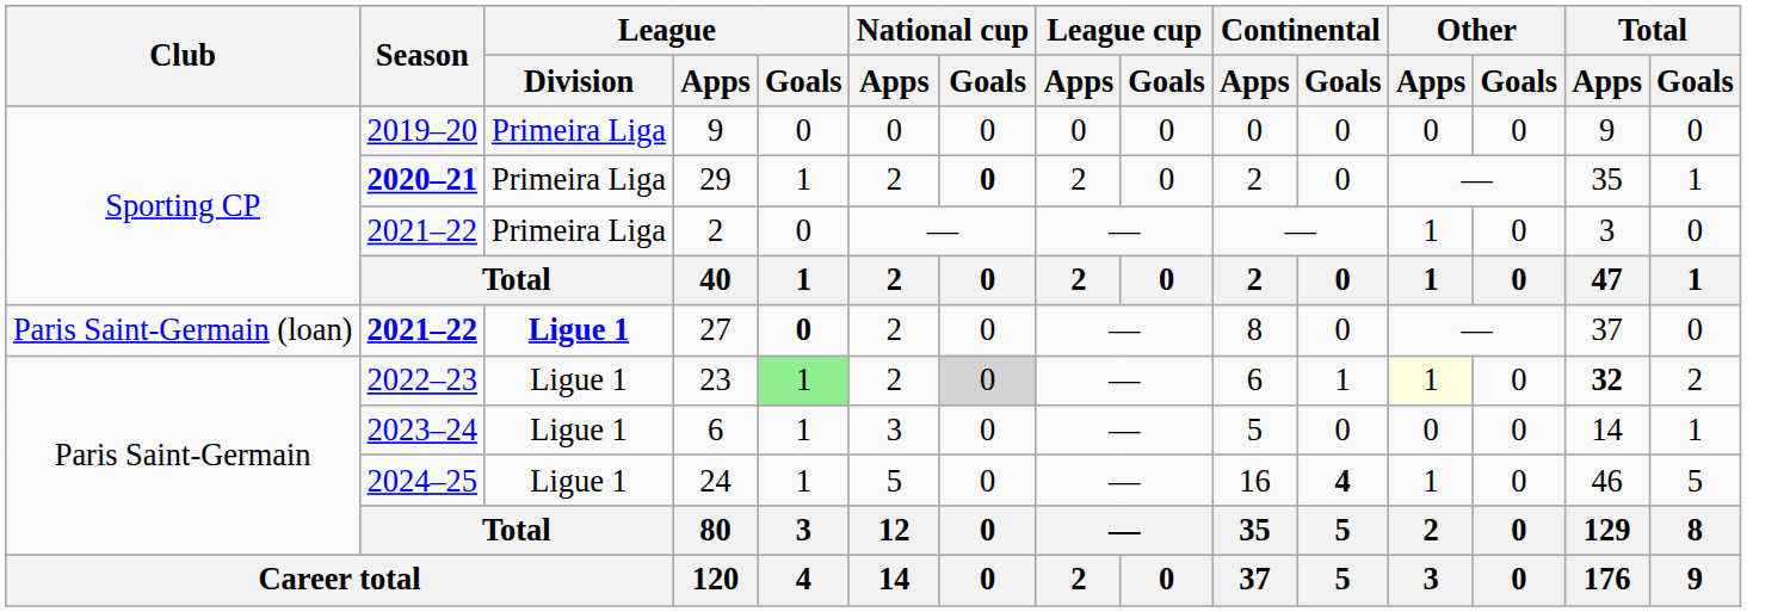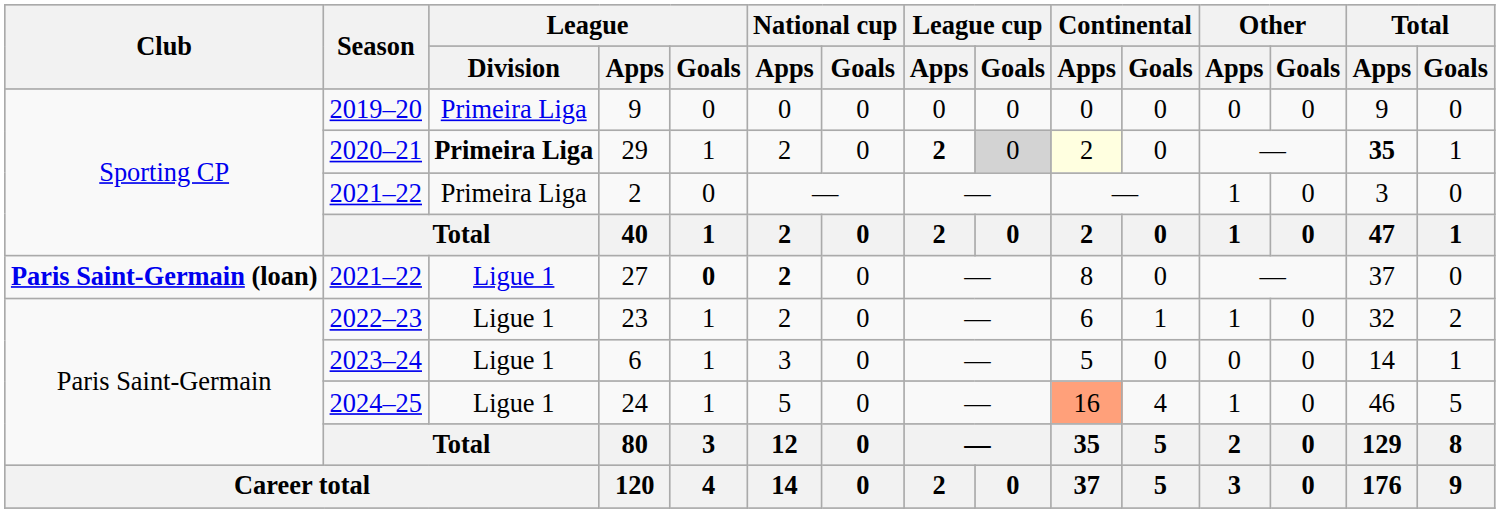 <table class="wikitable" style="text-align:center">
 <tr>
 <th rowspan="2">Club</th>
 <th rowspan="2">Season</th>
 <th colspan="3">League</th>
 <th colspan="2">National cup</th>
 <th colspan="2">League cup</th>
 <th colspan="2">Continental</th>
 <th colspan="2">Other</th>
 <th colspan="2">Total</th>
 </tr>
 <tr>
 <th>Division</th>
 <th>Apps</th>
 <th>Goals</th>
 <th>Apps</th>
 <th>Goals</th>
 <th>Apps</th>
 <th>Goals</th>
 <th>Apps</th>
 <th>Goals</th>
 <th>Apps</th>
 <th>Goals</th>
 <th>Apps</th>
 <th>Goals</th>
 </tr>
 <tr>
 <td rowspan="4"><a href='#'>Sporting CP</a></td>
 <td><a href='#'>2019–20</a></td>
 <td><a href='#'>Primeira Liga</a></td>
 <td>9</td>
 <td>0</td>
 <td>0</td>
 <td>0</td>
 <td>0</td>
 <td>0</td>
 <td>0</td>
 <td>0</td>
 <td>0</td>
 <td>0</td>
 <td>9</td>
 <td>0</td>
 </tr>
 <tr>
-<td><strong><a href='#'>2020–21</a></strong></td>
-<td>Primeira Liga</td>
+<td><a href='#'>2020–21</a></td>
+<td><strong>Primeira Liga</strong></td>
 <td>29</td>
 <td>1</td>
 <td>2</td>
-<td><strong>0</strong></td>
-<td>2</td>
 <td>0</td>
-<td>2</td>
+<td><strong>2</strong></td>
+<td style="background: lightgrey;">0</td>
+<td style="background: lightyellow;">2</td>
 <td>0</td>
 <td colspan="2">—</td>
-<td>35</td>
+<td><strong>35</strong></td>
 <td>1</td>
 </tr>
 <tr>
 <td><a href='#'>2021–22</a></td>
 <td>Primeira Liga</td>
 <td>2</td>
 <td>0</td>
 <td colspan="2">—</td>
 <td colspan="2">—</td>
 <td colspan="2">—</td>
 <td>1</td>
 <td>0</td>
 <td>3</td>
 <td>0</td>
 </tr>
 <tr>
 <th colspan="2">Total</th>
 <th>40</th>
 <th>1</th>
 <th>2</th>
 <th>0</th>
 <th>2</th>
 <th>0</th>
 <th>2</th>
 <th>0</th>
 <th>1</th>
 <th>0</th>
 <th>47</th>
 <th>1</th>
 </tr>
 <tr>
-<td><a href='#'>Paris Saint-Germain</a> (loan)</td>
-<td><strong><a href='#'>2021–22</a></strong></td>
-<td><strong><a href='#'>Ligue 1</a></strong></td>
+<td><strong><a href='#'>Paris Saint-Germain</a> (loan)</strong></td>
+<td><a href='#'>2021–22</a></td>
+<td><a href='#'>Ligue 1</a></td>
 <td>27</td>
 <td><strong>0</strong></td>
-<td>2</td>
+<td><strong>2</strong></td>
 <td>0</td>
 <td colspan="2">—</td>
 <td>8</td>
 <td>0</td>
 <td colspan="2">—</td>
 <td>37</td>
 <td>0</td>
 </tr>
 <tr>
 <td rowspan="4">Paris Saint-Germain</td>
 <td><a href='#'>2022–23</a></td>
 <td>Ligue 1</td>
 <td>23</td>
-<td style="background: lightgreen;">1</td>
+<td>1</td>
 <td>2</td>
-<td style="background: lightgrey;">0</td>
+<td>0</td>
 <td colspan="2">—</td>
 <td>6</td>
 <td>1</td>
-<td style="background: lightyellow;">1</td>
+<td>1</td>
 <td>0</td>
-<td><strong>32</strong></td>
+<td>32</td>
 <td>2</td>
 </tr>
 <tr>
 <td><a href='#'>2023–24</a></td>
 <td>Ligue 1</td>
 <td>6</td>
 <td>1</td>
 <td>3</td>
 <td>0</td>
 <td colspan="2">—</td>
 <td>5</td>
 <td>0</td>
 <td>0</td>
 <td>0</td>
 <td>14</td>
 <td>1</td>
 </tr>
 <tr>
 <td><a href='#'>2024–25</a></td>
 <td>Ligue 1</td>
 <td>24</td>
 <td>1</td>
 <td>5</td>
 <td>0</td>
 <td colspan="2">—</td>
-<td>16</td>
-<td><strong>4</strong></td>
+<td style="background: lightsalmon;">16</td>
+<td>4</td>
 <td>1</td>
 <td>0</td>
 <td>46</td>
 <td>5</td>
 </tr>
 <tr>
 <th colspan="2">Total</th>
 <th>80</th>
 <th>3</th>
 <th>12</th>
 <th>0</th>
 <th colspan="2">—</th>
 <th>35</th>
 <th>5</th>
 <th>2</th>
 <th>0</th>
 <th>129</th>
 <th>8</th>
 </tr>
 <tr>
 <th colspan="3">Career total</th>
 <th>120</th>
 <th>4</th>
 <th>14</th>
 <th>0</th>
 <th>2</th>
 <th>0</th>
 <th>37</th>
 <th>5</th>
 <th>3</th>
 <th>0</th>
 <th>176</th>
 <th>9</th>
 </tr>
 </table>
